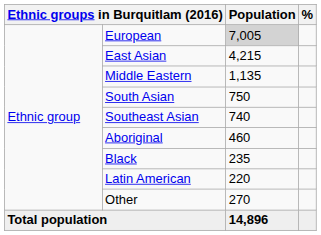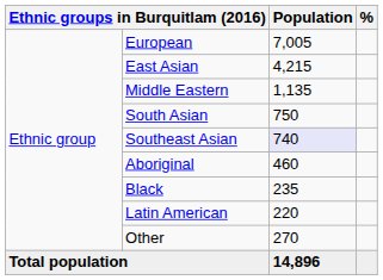 <table class="wikitable">
 <tr>
 <th colspan=2><a href='#'>Ethnic groups</a> in Burquitlam (2016)<br></th>
 <th>Population</th>
 <th>%</th>
 </tr>
 <tr>
 <td rowspan=9><a href='#'>Ethnic group</a></td>
 <td><a href='#'>European</a></td>
-<td style="background: lightgrey;">7,005</td>
+<td>7,005</td>
 <td></td>
 </tr>
 <tr>
 <td><a href='#'>East Asian</a></td>
 <td>4,215</td>
 <td></td>
 </tr>
 <tr>
 <td><a href='#'>Middle Eastern</a></td>
 <td>1,135</td>
 <td></td>
 </tr>
 <tr>
 <td><a href='#'>South Asian</a></td>
 <td>750</td>
 <td></td>
 </tr>
 <tr>
 <td><a href='#'>Southeast Asian</a></td>
-<td>740</td>
+<td style="background: lavender;">740</td>
 <td></td>
 </tr>
 <tr>
 <td><a href='#'>Aboriginal</a></td>
 <td>460</td>
 <td></td>
 </tr>
 <tr>
 <td><a href='#'>Black</a></td>
 <td>235</td>
 <td></td>
 </tr>
 <tr>
 <td><a href='#'>Latin American</a></td>
 <td>220</td>
 <td></td>
 </tr>
 <tr>
 <td>Other</td>
 <td>270</td>
 <td></td>
 </tr>
 <tr style="background:#efefef; font-weight:bold">
 <td colspan=2>Total population</td>
 <td>14,896</td>
 <td></td>
 </tr>
 </table>
